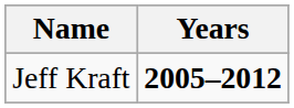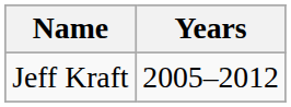 <table class="wikitable">
 <tr>
 <th>Name</th>
 <th>Years</th>
 </tr>
 <tr>
 <td>Jeff Kraft</td>
-<td><strong>2005–2012</strong></td>
+<td>2005–2012</td>
 </tr>
 </table>
